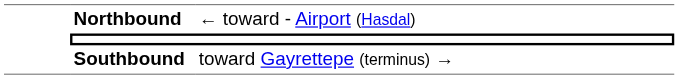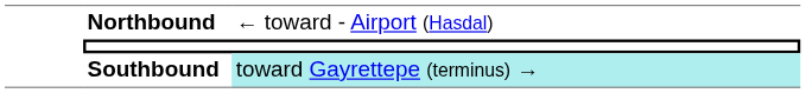 <table table border=0 cellspacing=0 cellpadding=3>
 <tr>
 <td style="border-top:solid 1px gray;border-bottom:solid 1px gray;" width=50 rowspan=3 valign=top></td>
 <td style="border-top:solid 1px gray;" width=100><strong>Northbound</strong></td>
 <td style="border-top:solid 1px gray;" width=400>←  toward  - <a href='#'>Airport</a> <small>(<a href='#'>Hasdal</a>)</small></td>
 </tr>
 <tr>
 <td style="border-top:solid 2px black;border-right:solid 2px black;border-left:solid 2px black;border-bottom:solid 2px black;text-align:center;" colspan=2></td>
 </tr>
 <tr>
 <td style="border-bottom:solid 1px gray;"><strong>Southbound</strong></td>
-<td style="border-bottom:solid 1px gray;"> toward <a href='#'>Gayrettepe</a> <small>(terminus)</small> →</td>
+<td style="background: paleturquoise; border-bottom:solid 1px gray;"> toward <a href='#'>Gayrettepe</a> <small>(terminus)</small> →</td>
 </tr>
 </table>
